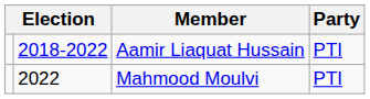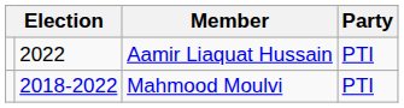 <table class="wikitable">
 <tr>
 <th colspan="2">Election</th>
 <th>Member</th>
 <th>Party</th>
 </tr>
 <tr>
 <td style="background-color: "></td>
-<td><a href='#'>2018-2022</a></td>
+<td>2022</td>
 <td><a href='#'>Aamir Liaquat Hussain</a></td>
 <td><a href='#'>PTI</a></td>
 </tr>
 <tr>
 <td style="background-color: "></td>
-<td>2022</td>
+<td><a href='#'>2018-2022</a></td>
 <td><a href='#'>Mahmood Moulvi</a></td>
 <td><a href='#'>PTI</a></td>
 </tr>
 </table>
